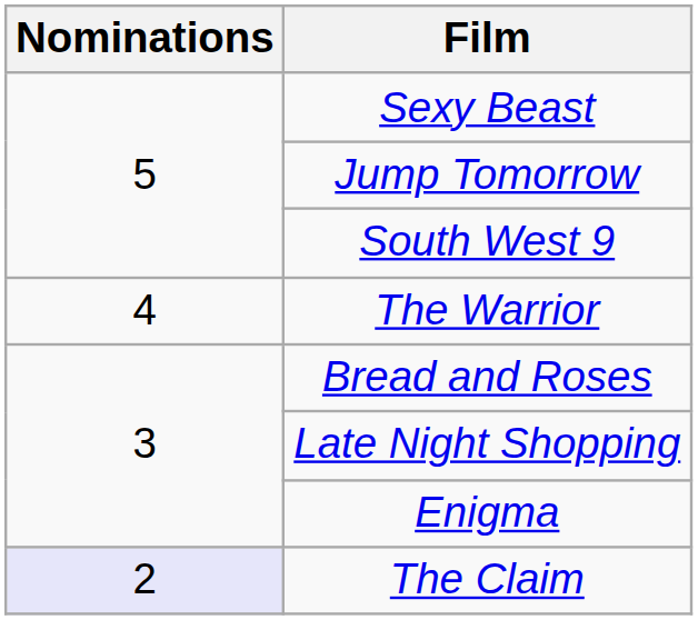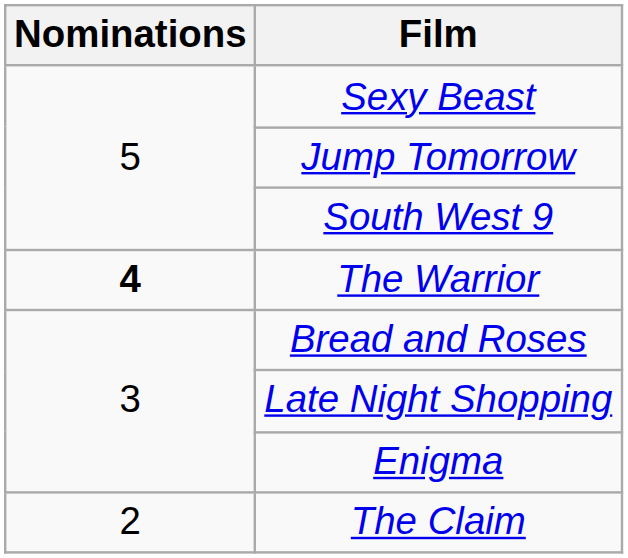 <table class="wikitable plainrowheaders" style="text-align:center;">
 <tr>
 <th scope="col" style="width:55px;">Nominations</th>
 <th scope="col" style="text-align:center;">Film</th>
 </tr>
 <tr>
 <td rowspan="3">5</td>
 <td><em><a href='#'>Sexy Beast</a></em></td>
 </tr>
 <tr>
 <td><em><a href='#'>Jump Tomorrow</a></em></td>
 </tr>
 <tr>
 <td><em><a href='#'>South West 9</a></em></td>
 </tr>
 <tr>
-<td>4</td>
+<td><strong>4</strong></td>
 <td><em><a href='#'>The Warrior</a></em></td>
 </tr>
 <tr>
 <td rowspan="3">3</td>
 <td><em><a href='#'>Bread and Roses</a></em></td>
 </tr>
 <tr>
 <td><em><a href='#'>Late Night Shopping</a></em></td>
 </tr>
 <tr>
 <td><em><a href='#'>Enigma</a></em></td>
 </tr>
 <tr>
-<td style="background: lavender;">2</td>
+<td>2</td>
 <td><em><a href='#'>The Claim</a></em></td>
 </tr>
 </table>
